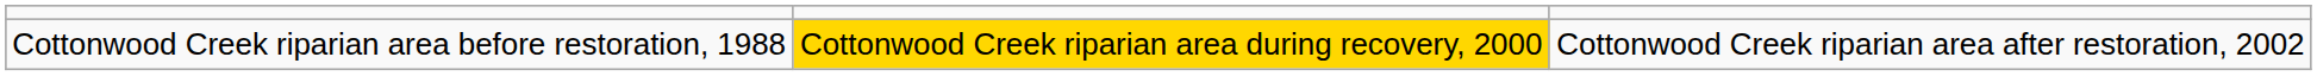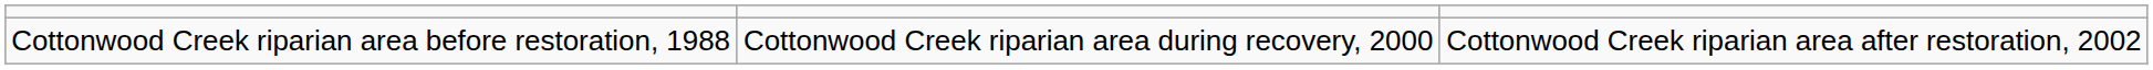 <table class="wikitable" border="1" style="margin: 1em auto 1em auto">
 <tr>
 <td> </td>
 <td> </td>
 <td> </td>
 </tr>
 <tr align=center>
 <td> Cottonwood Creek riparian area before restoration, 1988</td>
-<td style="background: gold;"> Cottonwood Creek riparian area during recovery, 2000</td>
+<td> Cottonwood Creek riparian area during recovery, 2000</td>
 <td> Cottonwood Creek riparian area after restoration, 2002</td>
 </tr>
 </table>
